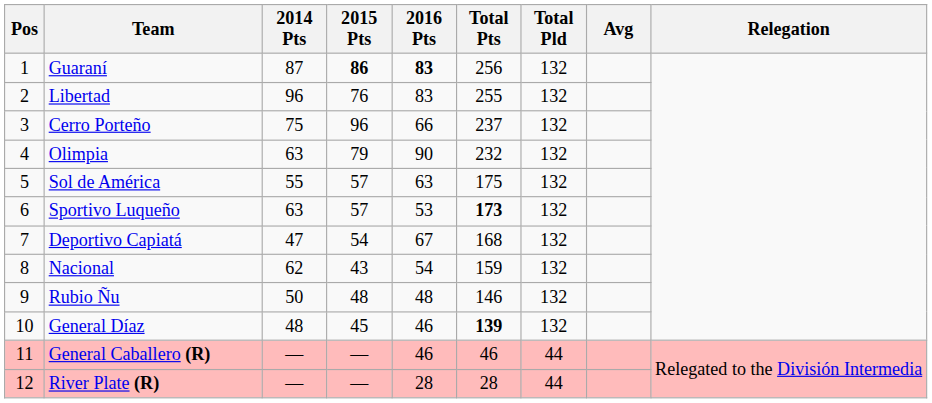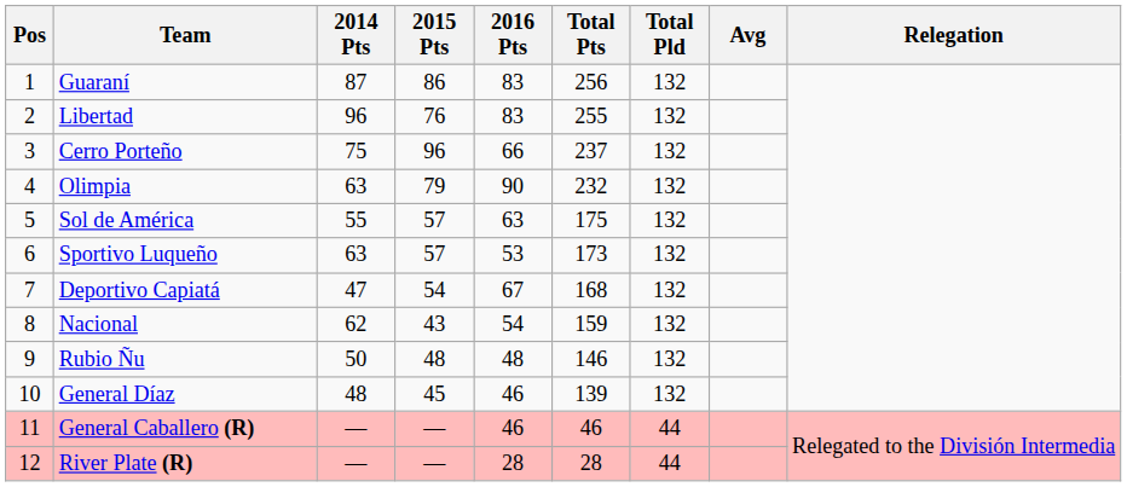 <table class="wikitable" style="text-align:center">
 <tr>
 <th width=28>Pos<br></th>
 <th width=185>Team<br></th>
 <th width=50>2014<br>Pts</th>
 <th width=50>2015<br>Pts</th>
 <th width=50>2016<br>Pts</th>
 <th width=50>Total<br>Pts</th>
 <th width=50>Total<br>Pld</th>
 <th width=50>Avg</th>
 <th>Relegation</th>
 </tr>
 <tr>
 <td>1</td>
 <td align="left"><a href='#'>Guaraní</a></td>
 <td>87</td>
-<td><strong>86</strong></td>
-<td><strong>83</strong></td>
+<td>86</td>
+<td>83</td>
 <td>256</td>
 <td>132</td>
 <td><strong></strong></td>
 </tr>
 <tr>
 <td>2</td>
 <td align="left"><a href='#'>Libertad</a></td>
 <td>96</td>
 <td>76</td>
 <td>83</td>
 <td>255</td>
 <td>132</td>
 <td><strong></strong></td>
 </tr>
 <tr>
 <td>3</td>
 <td align="left"><a href='#'>Cerro Porteño</a></td>
 <td>75</td>
 <td>96</td>
 <td>66</td>
 <td>237</td>
 <td>132</td>
 <td><strong></strong></td>
 </tr>
 <tr>
 <td>4</td>
 <td align="left"><a href='#'>Olimpia</a></td>
 <td>63</td>
 <td>79</td>
 <td>90</td>
 <td>232</td>
 <td>132</td>
 <td><strong></strong></td>
 </tr>
 <tr>
 <td>5</td>
 <td align="left"><a href='#'>Sol de América</a></td>
 <td>55</td>
 <td>57</td>
 <td>63</td>
 <td>175</td>
 <td>132</td>
 <td><strong></strong></td>
 </tr>
 <tr>
 <td>6</td>
 <td align="left"><a href='#'>Sportivo Luqueño</a></td>
 <td>63</td>
 <td>57</td>
 <td>53</td>
-<td><strong>173</strong></td>
+<td>173</td>
 <td>132</td>
 <td><strong></strong></td>
 </tr>
 <tr>
 <td>7</td>
 <td align="left"><a href='#'>Deportivo Capiatá</a></td>
 <td>47</td>
 <td>54</td>
 <td>67</td>
 <td>168</td>
 <td>132</td>
 <td><strong></strong></td>
 </tr>
 <tr>
 <td>8</td>
 <td align="left"><a href='#'>Nacional</a></td>
 <td>62</td>
 <td>43</td>
 <td>54</td>
 <td>159</td>
 <td>132</td>
 <td><strong></strong></td>
 </tr>
 <tr>
 <td>9</td>
 <td align="left"><a href='#'>Rubio Ñu</a></td>
 <td>50</td>
 <td>48</td>
 <td>48</td>
 <td>146</td>
 <td>132</td>
 <td><strong></strong></td>
 </tr>
 <tr>
 <td>10</td>
 <td align="left"><a href='#'>General Díaz</a></td>
 <td>48</td>
 <td>45</td>
 <td>46</td>
-<td><strong>139</strong></td>
+<td>139</td>
 <td>132</td>
 <td><strong></strong></td>
 </tr>
 <tr bgcolor=#FFBBBB>
 <td>11</td>
 <td align="left"><a href='#'>General Caballero</a> <strong>(R)</strong></td>
 <td>—</td>
 <td>—</td>
 <td>46</td>
 <td>46</td>
 <td>44</td>
 <td><strong></strong></td>
 <td rowspan=2>Relegated to the <a href='#'>División Intermedia</a></td>
 </tr>
 <tr bgcolor=#FFBBBB>
 <td>12</td>
 <td align="left"><a href='#'>River Plate</a> <strong>(R)</strong></td>
 <td>—</td>
 <td>—</td>
 <td>28</td>
 <td>28</td>
 <td>44</td>
 <td><strong></strong></td>
 </tr>
 </table>
